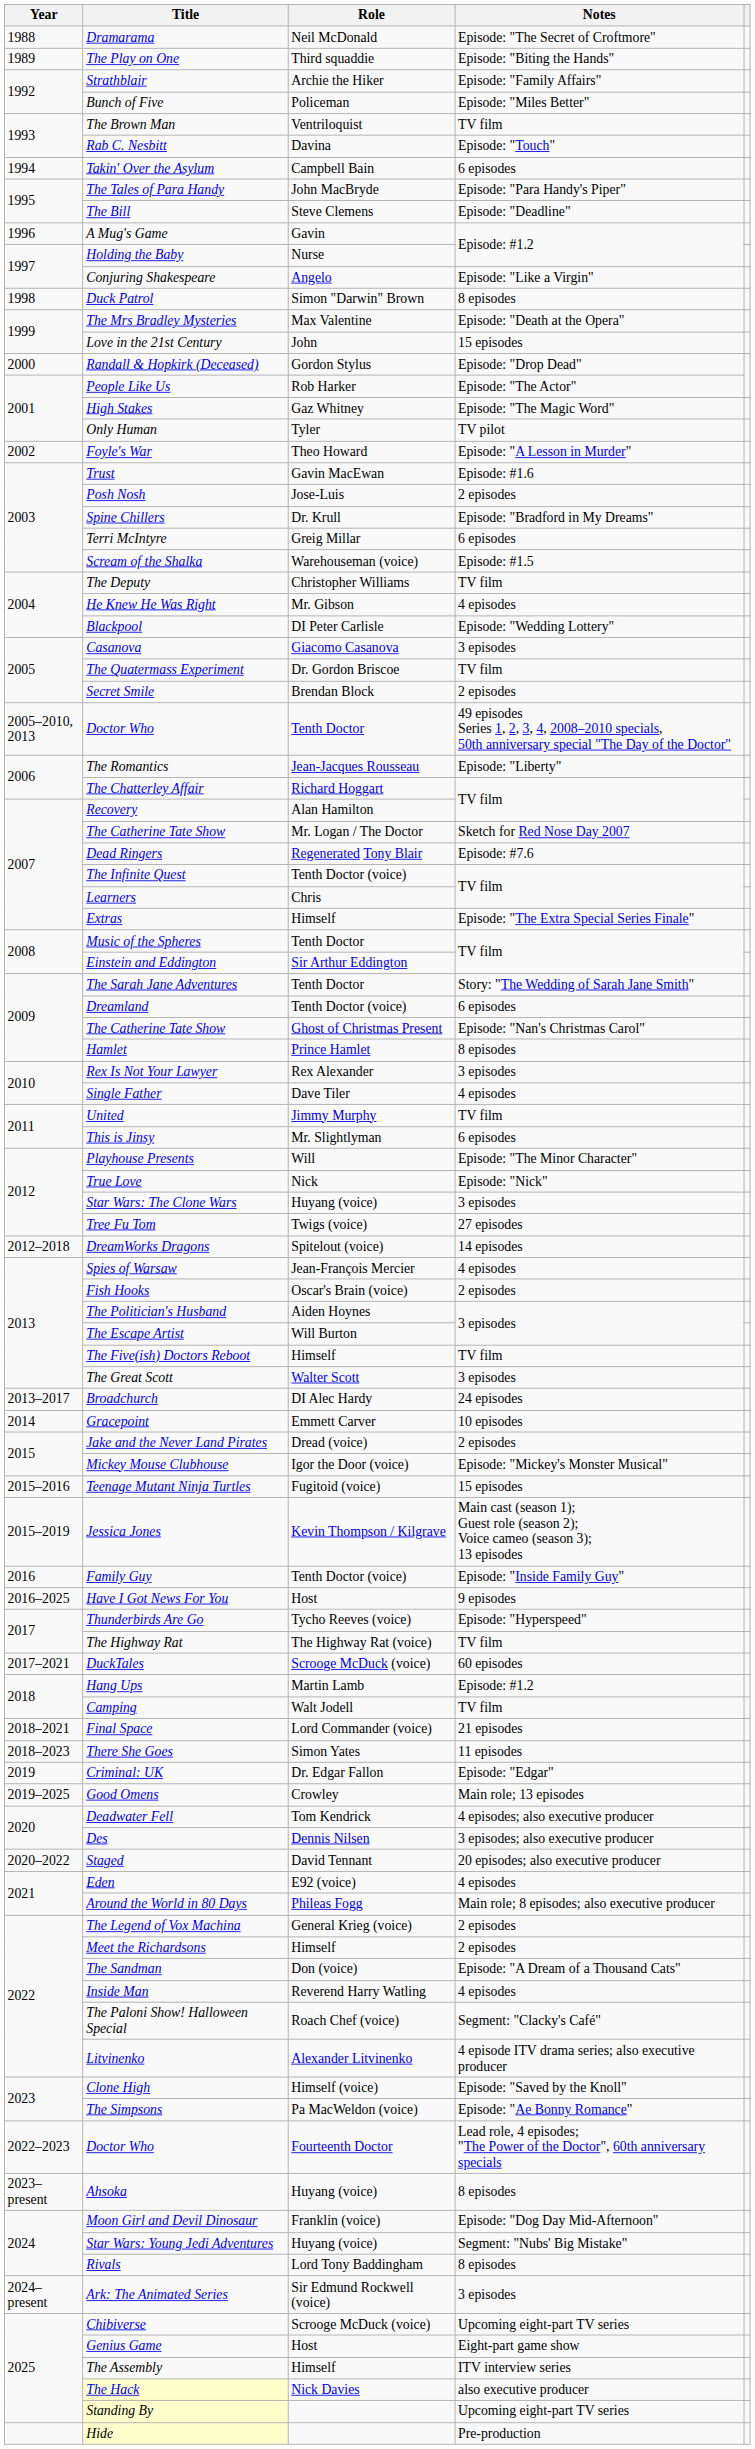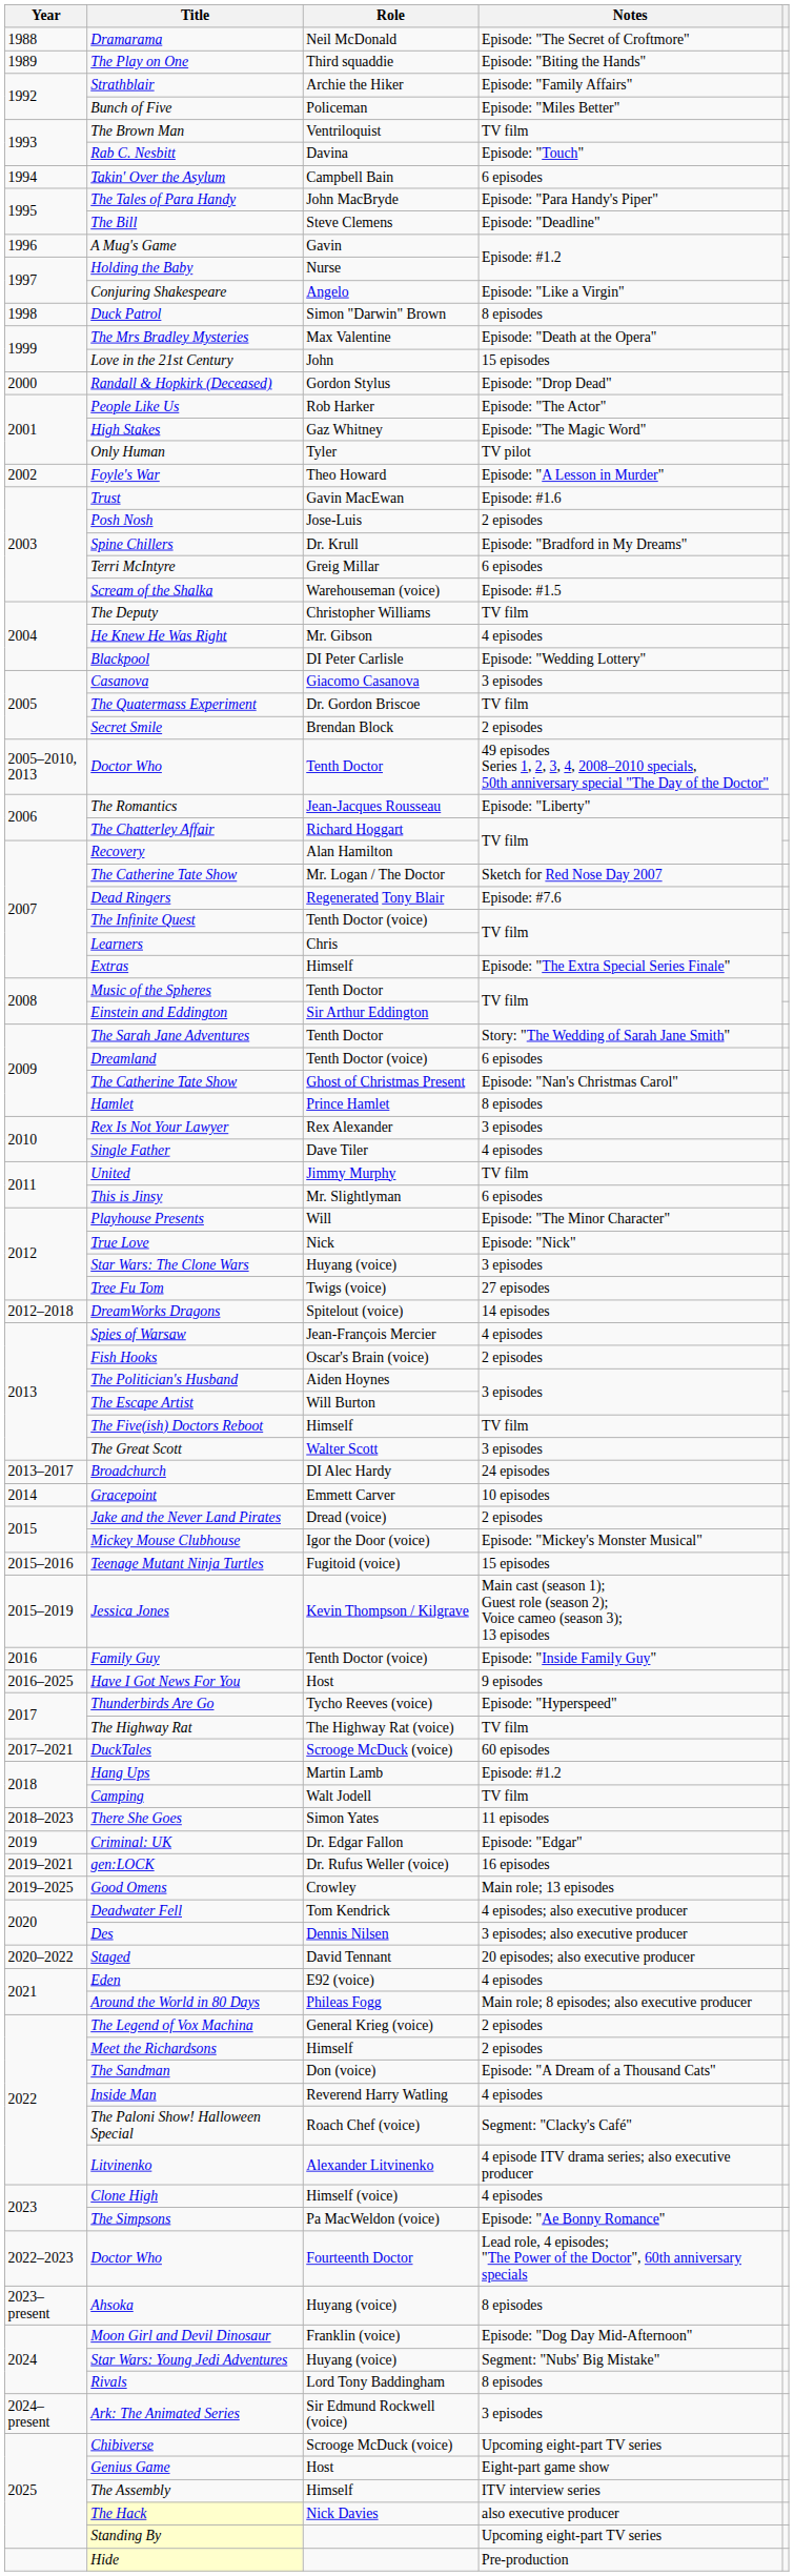 <table class="wikitable sortable">
 <tr>
 <th>Year</th>
 <th>Title</th>
 <th>Role</th>
 <th>Notes</th>
 <th class="unsortable"></th>
 </tr>
 <tr>
 <td>1988</td>
 <td><em><a href='#'>Dramarama</a></em></td>
 <td>Neil McDonald</td>
 <td>Episode: "The Secret of Croftmore"</td>
 <td></td>
 </tr>
 <tr>
 <td>1989</td>
 <td><em><a href='#'>The Play on One</a></em></td>
 <td>Third squaddie</td>
 <td>Episode: "Biting the Hands"</td>
 <td></td>
 </tr>
 <tr>
 <td rowspan="2">1992</td>
 <td><em><a href='#'>Strathblair</a></em></td>
 <td>Archie the Hiker</td>
 <td>Episode: "Family Affairs"</td>
 <td></td>
 </tr>
 <tr>
 <td><em>Bunch of Five</em></td>
 <td>Policeman</td>
 <td>Episode: "Miles Better"</td>
 <td></td>
 </tr>
 <tr>
 <td rowspan="2">1993</td>
 <td><em>The Brown Man</em></td>
 <td>Ventriloquist</td>
 <td>TV film</td>
 <td></td>
 </tr>
 <tr>
 <td><em><a href='#'>Rab C. Nesbitt</a></em></td>
 <td>Davina</td>
 <td>Episode: "<a href='#'>Touch</a>"</td>
 <td></td>
 </tr>
 <tr>
 <td>1994</td>
 <td><em><a href='#'>Takin' Over the Asylum</a></em></td>
 <td>Campbell Bain</td>
 <td>6 episodes</td>
 <td></td>
 </tr>
 <tr>
 <td rowspan="2">1995</td>
 <td><em><a href='#'>The Tales of Para Handy</a></em></td>
 <td>John MacBryde</td>
 <td>Episode: "Para Handy's Piper"</td>
 <td></td>
 </tr>
 <tr>
 <td><em><a href='#'>The Bill</a></em></td>
 <td>Steve Clemens</td>
 <td>Episode: "Deadline"</td>
 <td></td>
 </tr>
 <tr>
 <td>1996</td>
 <td><em>A Mug's Game</em></td>
 <td>Gavin</td>
 <td rowspan="2">Episode: #1.2</td>
 <td></td>
 </tr>
 <tr>
 <td rowspan="2">1997</td>
 <td><em><a href='#'>Holding the Baby</a></em></td>
 <td>Nurse</td>
 <td></td>
 </tr>
 <tr>
 <td><em>Conjuring Shakespeare</em></td>
 <td><a href='#'>Angelo</a></td>
 <td>Episode: "Like a Virgin"</td>
 <td></td>
 </tr>
 <tr>
 <td>1998</td>
 <td><em><a href='#'>Duck Patrol</a></em></td>
 <td>Simon "Darwin" Brown</td>
 <td>8 episodes</td>
 <td></td>
 </tr>
 <tr>
 <td rowspan="2">1999</td>
 <td><em><a href='#'>The Mrs Bradley Mysteries</a></em></td>
 <td>Max Valentine</td>
 <td>Episode: "Death at the Opera"</td>
 <td></td>
 </tr>
 <tr>
 <td><em>Love in the 21st Century</em></td>
 <td>John</td>
 <td>15 episodes</td>
 <td></td>
 </tr>
 <tr>
 <td>2000</td>
 <td><em><a href='#'>Randall & Hopkirk (Deceased)</a></em></td>
 <td>Gordon Stylus</td>
 <td>Episode: "Drop Dead"</td>
 <td rowspan="2"></td>
 </tr>
 <tr>
 <td rowspan="3">2001</td>
 <td><em><a href='#'>People Like Us</a></em></td>
 <td>Rob Harker</td>
 <td>Episode: "The Actor"</td>
 </tr>
 <tr>
 <td><em><a href='#'>High Stakes</a></em></td>
 <td>Gaz Whitney</td>
 <td>Episode: "The Magic Word"</td>
 <td></td>
 </tr>
 <tr>
 <td><em>Only Human</em></td>
 <td>Tyler</td>
 <td>TV pilot</td>
 <td></td>
 </tr>
 <tr>
 <td>2002</td>
 <td><em><a href='#'>Foyle's War</a></em></td>
 <td>Theo Howard</td>
 <td>Episode: "<a href='#'>A Lesson in Murder</a>"</td>
 <td></td>
 </tr>
 <tr>
 <td rowspan="5">2003</td>
 <td><em><a href='#'>Trust</a></em></td>
 <td>Gavin MacEwan</td>
 <td>Episode: #1.6</td>
 <td></td>
 </tr>
 <tr>
 <td><em><a href='#'>Posh Nosh</a></em></td>
 <td>Jose-Luis</td>
 <td>2 episodes</td>
 <td></td>
 </tr>
 <tr>
 <td><em><a href='#'>Spine Chillers</a></em></td>
 <td>Dr. Krull</td>
 <td>Episode: "Bradford in My Dreams"</td>
 <td></td>
 </tr>
 <tr>
 <td><em>Terri McIntyre</em></td>
 <td>Greig Millar</td>
 <td>6 episodes</td>
 <td></td>
 </tr>
 <tr>
 <td><em><a href='#'>Scream of the Shalka</a></em></td>
 <td>Warehouseman (voice)</td>
 <td>Episode: #1.5</td>
 <td></td>
 </tr>
 <tr>
 <td rowspan="3">2004</td>
 <td><em>The Deputy</em></td>
 <td>Christopher Williams</td>
 <td>TV film</td>
 <td></td>
 </tr>
 <tr>
 <td><em><a href='#'>He Knew He Was Right</a></em></td>
 <td>Mr. Gibson</td>
 <td>4 episodes</td>
 <td></td>
 </tr>
 <tr>
 <td><em><a href='#'>Blackpool</a></em></td>
 <td>DI Peter Carlisle</td>
 <td>Episode: "Wedding Lottery"</td>
 <td></td>
 </tr>
 <tr>
 <td rowspan="3">2005</td>
 <td><em><a href='#'>Casanova</a></em></td>
 <td><a href='#'>Giacomo Casanova</a></td>
 <td>3 episodes</td>
 <td></td>
 </tr>
 <tr>
 <td><em><a href='#'>The Quatermass Experiment</a></em></td>
 <td>Dr. Gordon Briscoe</td>
 <td>TV film</td>
 <td></td>
 </tr>
 <tr>
 <td><em><a href='#'>Secret Smile</a></em></td>
 <td>Brendan Block</td>
 <td>2 episodes</td>
 <td></td>
 </tr>
 <tr>
 <td>2005–2010,<br> 2013</td>
 <td><em><a href='#'>Doctor Who</a></em></td>
 <td><a href='#'>Tenth Doctor</a></td>
 <td>49 episodes<br>Series <a href='#'>1</a>, <a href='#'>2</a>, <a href='#'>3</a>, <a href='#'>4</a>, <a href='#'>2008–2010 specials</a>,<br> <a href='#'>50th anniversary special "The Day of the Doctor"</a></td>
 <td></td>
 </tr>
 <tr>
 <td rowspan="2">2006</td>
 <td><em>The Romantics</em></td>
 <td><a href='#'>Jean-Jacques Rousseau</a></td>
 <td>Episode: "Liberty"</td>
 <td></td>
 </tr>
 <tr>
 <td><em><a href='#'>The Chatterley Affair</a></em></td>
 <td><a href='#'>Richard Hoggart</a></td>
 <td rowspan="2">TV film</td>
 <td></td>
 </tr>
 <tr>
 <td rowspan="6">2007</td>
 <td><em><a href='#'>Recovery</a></em></td>
 <td>Alan Hamilton</td>
 <td></td>
 </tr>
 <tr>
 <td><em><a href='#'>The Catherine Tate Show</a></em></td>
 <td>Mr. Logan / The Doctor</td>
 <td>Sketch for <a href='#'>Red Nose Day 2007</a></td>
 <td></td>
 </tr>
 <tr>
 <td><em><a href='#'>Dead Ringers</a></em></td>
 <td><a href='#'>Regenerated</a> <a href='#'>Tony Blair</a></td>
 <td>Episode: #7.6</td>
 <td></td>
 </tr>
 <tr>
 <td><em><a href='#'>The Infinite Quest</a></em></td>
 <td>Tenth Doctor (voice)</td>
 <td rowspan="2">TV film</td>
 <td></td>
 </tr>
 <tr>
 <td><em><a href='#'>Learners</a></em></td>
 <td>Chris</td>
 <td></td>
 </tr>
 <tr>
 <td><em><a href='#'>Extras</a></em></td>
 <td>Himself</td>
 <td>Episode: "<a href='#'>The Extra Special Series Finale</a>"</td>
 <td></td>
 </tr>
 <tr>
 <td rowspan="2">2008</td>
 <td><em><a href='#'>Music of the Spheres</a></em></td>
 <td>Tenth Doctor</td>
 <td rowspan="2">TV film</td>
 <td></td>
 </tr>
 <tr>
 <td><em><a href='#'>Einstein and Eddington</a></em></td>
 <td><a href='#'>Sir Arthur Eddington</a></td>
 <td></td>
 </tr>
 <tr>
 <td rowspan="4">2009</td>
 <td><em><a href='#'>The Sarah Jane Adventures</a></em></td>
 <td>Tenth Doctor</td>
 <td>Story: "<a href='#'>The Wedding of Sarah Jane Smith</a>"</td>
 <td></td>
 </tr>
 <tr>
 <td><em><a href='#'>Dreamland</a></em></td>
 <td>Tenth Doctor (voice)</td>
 <td>6 episodes</td>
 <td></td>
 </tr>
 <tr>
 <td><em><a href='#'>The Catherine Tate Show</a></em></td>
 <td><a href='#'>Ghost of Christmas Present</a></td>
 <td>Episode: "Nan's Christmas Carol"</td>
 <td></td>
 </tr>
 <tr>
 <td><em><a href='#'>Hamlet</a></em></td>
 <td><a href='#'>Prince Hamlet</a></td>
 <td>8 episodes</td>
 <td></td>
 </tr>
 <tr>
 <td rowspan=2>2010</td>
 <td><em><a href='#'>Rex Is Not Your Lawyer</a></em></td>
 <td>Rex Alexander</td>
 <td>3 episodes</td>
 <td></td>
 </tr>
 <tr>
 <td><em><a href='#'>Single Father</a></em></td>
 <td>Dave Tiler</td>
 <td>4 episodes</td>
 <td></td>
 </tr>
 <tr>
 <td rowspan="2">2011</td>
 <td><em><a href='#'>United</a></em></td>
 <td><a href='#'>Jimmy Murphy</a></td>
 <td>TV film</td>
 <td></td>
 </tr>
 <tr>
 <td><em><a href='#'>This is Jinsy</a></em></td>
 <td>Mr. Slightlyman</td>
 <td>6 episodes</td>
 <td></td>
 </tr>
 <tr>
 <td rowspan="4">2012</td>
 <td><em><a href='#'>Playhouse Presents</a></em></td>
 <td>Will</td>
 <td>Episode: "The Minor Character"</td>
 <td></td>
 </tr>
 <tr>
 <td><em><a href='#'>True Love</a></em></td>
 <td>Nick</td>
 <td>Episode: "Nick"</td>
 <td></td>
 </tr>
 <tr>
 <td><em><a href='#'>Star Wars: The Clone Wars</a></em></td>
 <td>Huyang (voice)</td>
 <td>3 episodes</td>
 <td></td>
 </tr>
 <tr>
 <td><em><a href='#'>Tree Fu Tom</a></em></td>
 <td>Twigs (voice)</td>
 <td>27 episodes</td>
 <td></td>
 </tr>
 <tr>
 <td>2012–2018</td>
 <td><em><a href='#'>DreamWorks Dragons</a></em></td>
 <td>Spitelout (voice)</td>
 <td>14 episodes</td>
 <td></td>
 </tr>
 <tr>
 <td rowspan="6">2013</td>
 <td><em><a href='#'>Spies of Warsaw</a></em></td>
 <td>Jean-François Mercier</td>
 <td>4 episodes</td>
 <td></td>
 </tr>
 <tr>
 <td><em><a href='#'>Fish Hooks</a></em></td>
 <td>Oscar's Brain (voice)</td>
 <td>2 episodes</td>
 <td></td>
 </tr>
 <tr>
 <td><em><a href='#'>The Politician's Husband</a></em></td>
 <td>Aiden Hoynes</td>
 <td rowspan="2">3 episodes</td>
 <td></td>
 </tr>
 <tr>
 <td><em><a href='#'>The Escape Artist</a></em></td>
 <td>Will Burton</td>
 <td></td>
 </tr>
 <tr>
 <td><em><a href='#'>The Five(ish) Doctors Reboot</a></em></td>
 <td>Himself</td>
 <td>TV film</td>
 <td></td>
 </tr>
 <tr>
 <td><em>The Great Scott</em></td>
 <td><a href='#'>Walter Scott</a></td>
 <td>3 episodes</td>
 <td></td>
 </tr>
 <tr>
 <td>2013–2017</td>
 <td><em><a href='#'>Broadchurch</a></em></td>
 <td>DI Alec Hardy</td>
 <td>24 episodes</td>
 <td></td>
 </tr>
 <tr>
 <td>2014</td>
 <td><em><a href='#'>Gracepoint</a></em></td>
 <td>Emmett Carver</td>
 <td>10 episodes</td>
 <td></td>
 </tr>
 <tr>
 <td rowspan="2">2015</td>
 <td><em><a href='#'>Jake and the Never Land Pirates</a></em></td>
 <td>Dread (voice)</td>
 <td>2 episodes</td>
 <td></td>
 </tr>
 <tr>
 <td><em><a href='#'>Mickey Mouse Clubhouse</a></em></td>
 <td>Igor the Door (voice)</td>
 <td>Episode: "Mickey's Monster Musical"</td>
 <td></td>
 </tr>
 <tr>
 <td>2015–2016</td>
 <td><em><a href='#'>Teenage Mutant Ninja Turtles</a></em></td>
 <td>Fugitoid (voice)</td>
 <td>15 episodes</td>
 <td></td>
 </tr>
 <tr>
 <td>2015–2019</td>
 <td><em><a href='#'>Jessica Jones</a></em></td>
 <td><a href='#'>Kevin Thompson / Kilgrave</a></td>
 <td>Main cast (season 1);<br>Guest role (season 2);<br>Voice cameo (season 3);<br>13 episodes</td>
 <td></td>
 </tr>
 <tr>
 <td>2016</td>
 <td><em><a href='#'>Family Guy</a></em></td>
 <td>Tenth Doctor (voice)</td>
 <td>Episode: "<a href='#'>Inside Family Guy</a>"</td>
 <td></td>
 </tr>
 <tr>
 <td>2016–2025</td>
 <td><em><a href='#'>Have I Got News For You</a></em></td>
 <td>Host</td>
 <td>9 episodes</td>
 <td></td>
 </tr>
 <tr>
 <td rowspan=2>2017</td>
 <td><em><a href='#'>Thunderbirds Are Go</a></em></td>
 <td>Tycho Reeves (voice)</td>
 <td>Episode: "Hyperspeed"</td>
 <td></td>
 </tr>
 <tr>
 <td><em>The Highway Rat</em></td>
 <td>The Highway Rat (voice)</td>
 <td>TV film</td>
 <td></td>
 </tr>
 <tr>
 <td>2017–2021</td>
 <td><em><a href='#'>DuckTales</a></em></td>
 <td><a href='#'>Scrooge McDuck</a> (voice)</td>
 <td>60 episodes</td>
 <td></td>
 </tr>
 <tr>
 <td rowspan="2">2018</td>
 <td><em><a href='#'>Hang Ups</a></em></td>
 <td>Martin Lamb</td>
 <td>Episode: #1.2</td>
 <td></td>
 </tr>
 <tr>
 <td><em><a href='#'>Camping</a></em></td>
 <td>Walt Jodell</td>
 <td>TV film</td>
 <td></td>
 </tr>
 <tr>
-<td>2018–2021</td>
-<td><em><a href='#'>Final Space</a></em></td>
-<td>Lord Commander (voice)</td>
-<td>21 episodes</td>
-<td></td>
-</tr>
-<tr>
 <td>2018–2023</td>
 <td><em><a href='#'>There She Goes</a></em></td>
 <td>Simon Yates</td>
 <td>11 episodes</td>
 <td></td>
 </tr>
 <tr>
 <td>2019</td>
 <td><em><a href='#'>Criminal: UK</a></em></td>
 <td>Dr. Edgar Fallon</td>
 <td>Episode: "Edgar"</td>
+<td></td>
+</tr>
+<tr>
+<td>2019–2021</td>
+<td><em><a href='#'>gen:LOCK</a></em></td>
+<td>Dr. Rufus Weller (voice)</td>
+<td>16 episodes</td>
 <td></td>
 </tr>
 <tr>
 <td>2019–2025</td>
 <td><em><a href='#'>Good Omens</a></em></td>
 <td>Crowley</td>
 <td>Main role; 13 episodes</td>
 <td></td>
 </tr>
 <tr>
 <td rowspan="2">2020</td>
 <td><em><a href='#'>Deadwater Fell</a></em></td>
 <td>Tom Kendrick</td>
 <td>4 episodes; also executive producer</td>
 <td></td>
 </tr>
 <tr>
 <td><em><a href='#'>Des</a></em></td>
 <td><a href='#'>Dennis Nilsen</a></td>
 <td>3 episodes; also executive producer</td>
 <td></td>
 </tr>
 <tr>
 <td>2020–2022</td>
 <td><em><a href='#'>Staged</a></em></td>
 <td>David Tennant</td>
 <td>20 episodes; also executive producer</td>
 <td></td>
 </tr>
 <tr>
 <td rowspan="2">2021</td>
 <td><em><a href='#'>Eden</a></em></td>
 <td>E92 (voice)</td>
 <td>4 episodes</td>
 <td></td>
 </tr>
 <tr>
 <td><em><a href='#'>Around the World in 80 Days</a></em></td>
 <td><a href='#'>Phileas Fogg</a></td>
 <td>Main role; 8 episodes; also executive producer</td>
 <td></td>
 </tr>
 <tr>
 <td rowspan="6">2022</td>
 <td><em><a href='#'>The Legend of Vox Machina</a></em></td>
 <td>General Krieg (voice)</td>
 <td>2 episodes</td>
 <td></td>
 </tr>
 <tr>
 <td><em><a href='#'>Meet the Richardsons</a></em></td>
 <td>Himself</td>
 <td>2 episodes</td>
 <td></td>
 </tr>
 <tr>
 <td><em><a href='#'>The Sandman</a></em></td>
 <td>Don (voice)</td>
 <td>Episode: "A Dream of a Thousand Cats"</td>
 <td></td>
 </tr>
 <tr>
 <td><em><a href='#'>Inside Man</a></em></td>
 <td>Reverend Harry Watling</td>
 <td>4 episodes</td>
 <td></td>
 </tr>
 <tr>
 <td><em>The Paloni Show! Halloween Special</em></td>
 <td>Roach Chef (voice)</td>
 <td>Segment: "Clacky's Café"</td>
 <td></td>
 </tr>
 <tr>
 <td><em><a href='#'>Litvinenko</a></em></td>
 <td><a href='#'>Alexander Litvinenko</a></td>
 <td>4 episode ITV drama series; also executive producer</td>
 <td></td>
 </tr>
 <tr>
 <td rowspan="2">2023</td>
 <td><em><a href='#'>Clone High</a></em></td>
 <td>Himself (voice)</td>
-<td>Episode: "Saved by the Knoll"</td>
+<td>4 episodes</td>
 <td></td>
 </tr>
 <tr>
 <td><em><a href='#'>The Simpsons</a></em></td>
 <td>Pa MacWeldon (voice)</td>
 <td>Episode: "<a href='#'>Ae Bonny Romance</a>"</td>
 <td></td>
 </tr>
 <tr>
 <td>2022–2023</td>
 <td><em><a href='#'>Doctor Who</a></em></td>
 <td><a href='#'>Fourteenth Doctor</a></td>
 <td>Lead role, 4 episodes;<br>"<a href='#'>The Power of the Doctor</a>", <a href='#'>60th anniversary specials</a></td>
 <td></td>
 </tr>
 <tr>
 <td>2023–present</td>
 <td><em><a href='#'>Ahsoka</a></em></td>
 <td>Huyang (voice)</td>
 <td>8 episodes</td>
 <td></td>
 </tr>
 <tr>
 <td rowspan="3">2024</td>
 <td><em><a href='#'>Moon Girl and Devil Dinosaur</a></em></td>
 <td>Franklin (voice)</td>
 <td>Episode: "Dog Day Mid-Afternoon"</td>
 <td></td>
 </tr>
 <tr>
 <td><em><a href='#'>Star Wars: Young Jedi Adventures</a></em></td>
 <td>Huyang (voice)</td>
 <td>Segment: "Nubs' Big Mistake"</td>
 <td></td>
 </tr>
 <tr>
 <td><em><a href='#'>Rivals</a></em></td>
 <td>Lord Tony Baddingham</td>
 <td>8 episodes</td>
 <td></td>
 </tr>
 <tr>
 <td>2024–present</td>
 <td><em><a href='#'>Ark: The Animated Series</a></em></td>
 <td>Sir Edmund Rockwell (voice)</td>
 <td>3 episodes</td>
 <td></td>
 </tr>
 <tr>
 <td rowspan="5">2025</td>
 <td><em><a href='#'>Chibiverse</a></em></td>
 <td>Scrooge McDuck (voice)</td>
 <td>Upcoming eight-part TV series</td>
 <td></td>
 </tr>
 <tr>
 <td><em><a href='#'>Genius Game</a></em></td>
 <td>Host</td>
 <td>Eight-part game show</td>
 <td></td>
 </tr>
 <tr>
 <td><em>The Assembly</em></td>
 <td>Himself</td>
 <td>ITV interview series</td>
 <td></td>
 </tr>
 <tr>
 <td style="background:#FFFFCC;“"><em><a href='#'>The Hack</a></em></td>
 <td><a href='#'>Nick Davies</a></td>
 <td>also executive producer</td>
 <td></td>
 </tr>
 <tr>
 <td style="background:#FFFFCC;"><em>Standing By</em></td>
 <td></td>
 <td>Upcoming eight-part TV series</td>
 <td></td>
 </tr>
 <tr>
 <td></td>
 <td style="background:#FFFFCC;"><em>Hide</em> </td>
 <td></td>
 <td>Pre-production</td>
 <td></td>
 </tr>
 </table>
